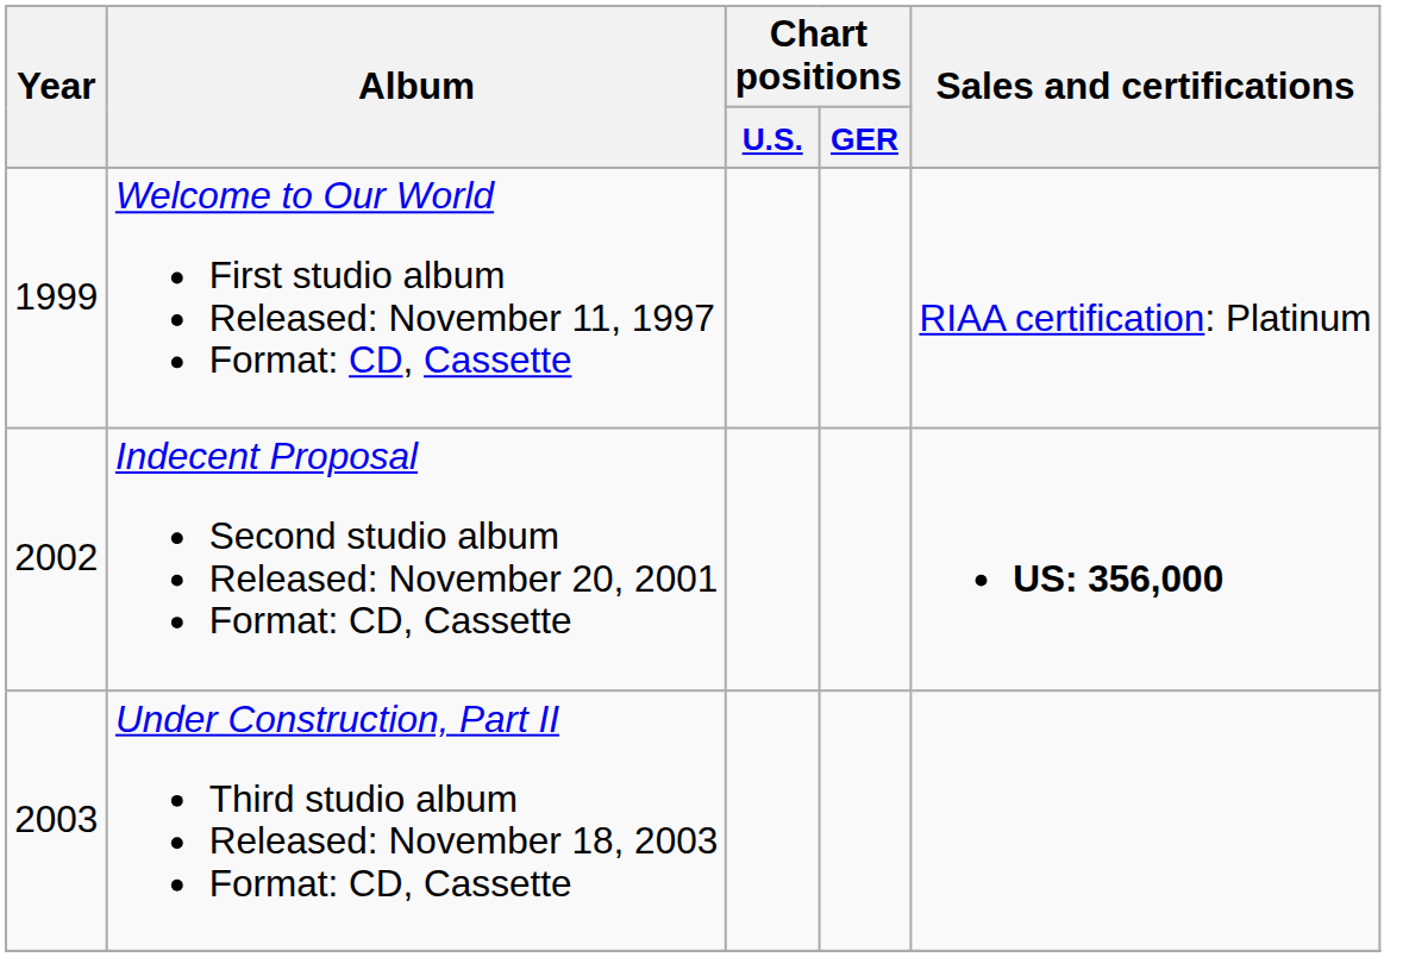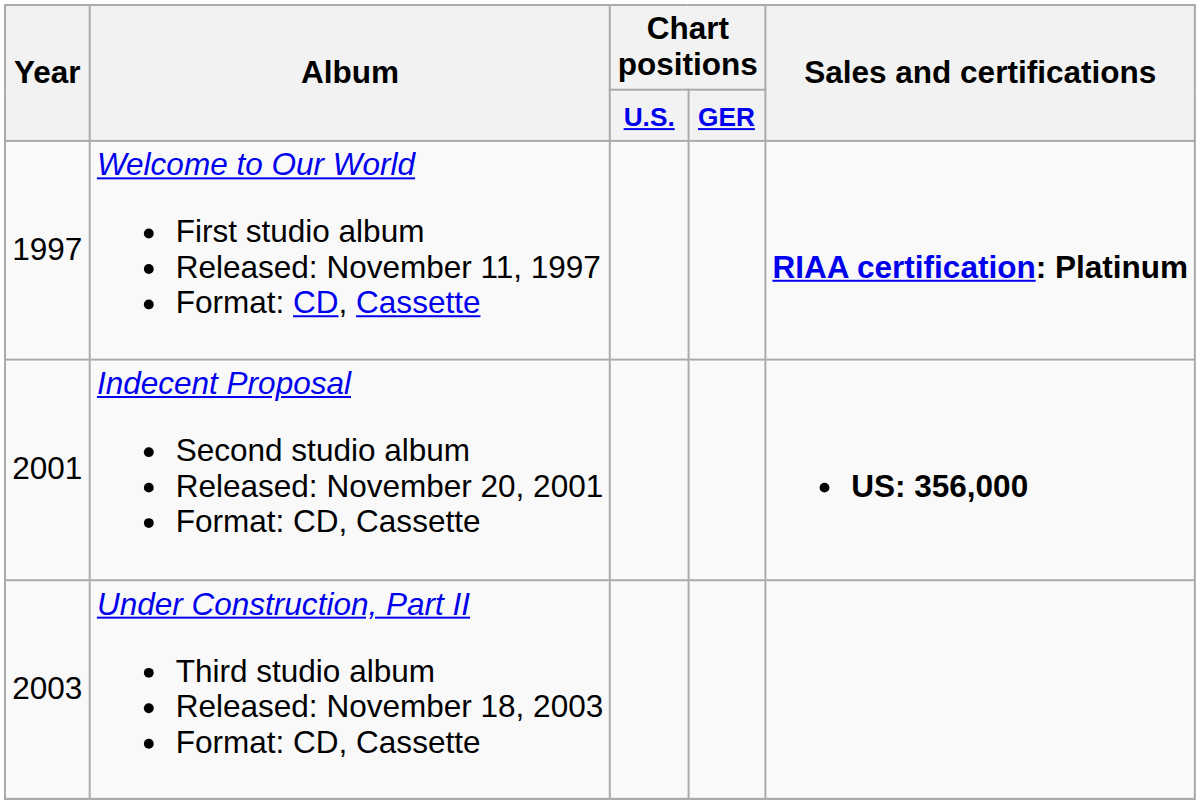 <table class="wikitable">
 <tr>
 <th rowspan="2">Year</th>
 <th rowspan="2">Album</th>
 <th colspan="2">Chart positions</th>
 <th rowspan="2">Sales and certifications</th>
 </tr>
 <tr>
 <th width="30"><small><a href='#'>U.S.</a></small></th>
 <th width="30"><small><a href='#'>GER</a></small></th>
 </tr>
 <tr>
-<td>1999</td>
+<td>1997</td>
 <td><em><a href='#'>Welcome to Our World</a></em><br><ul><li>First studio album</li><li>Released: November 11, 1997</li><li>Format: <a href='#'>CD</a>, <a href='#'>Cassette</a></li></ul></td>
 <td></td>
 <td></td>
-<td><br><a href='#'>RIAA certification</a>: Platinum</td>
+<td><strong><br><a href='#'>RIAA certification</a>: Platinum</strong></td>
 </tr>
 <tr>
-<td>2002</td>
+<td>2001</td>
 <td><em><a href='#'>Indecent Proposal</a></em><br><ul><li>Second studio album</li><li>Released: November 20, 2001</li><li>Format: CD, Cassette</li></ul></td>
 <td></td>
 <td></td>
 <td><strong><br><ul><li>US: 356,000</li></ul></strong></td>
 </tr>
 <tr>
 <td>2003</td>
 <td><em><a href='#'>Under Construction, Part II</a></em><br><ul><li>Third studio album</li><li>Released: November 18, 2003</li><li>Format: CD, Cassette</li></ul></td>
 <td></td>
 <td></td>
 <td></td>
 </tr>
 <tr>
 </tr>
 </table>
